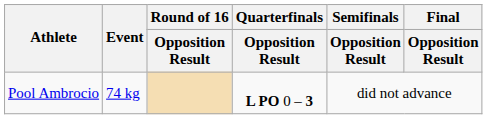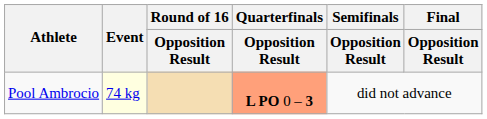 <table class="wikitable" border="1" style="font-size:90%">
 <tr>
 <th rowspan=2>Athlete</th>
 <th rowspan=2>Event</th>
 <th>Round of 16</th>
 <th>Quarterfinals</th>
 <th>Semifinals</th>
 <th>Final</th>
 </tr>
 <tr>
 <th>Opposition<br>Result</th>
 <th>Opposition<br>Result</th>
 <th>Opposition<br>Result</th>
 <th>Opposition<br>Result</th>
 </tr>
 <tr>
 <td><a href='#'>Pool Ambrocio</a></td>
-<td><a href='#'>74 kg</a></td>
+<td style="background: lightyellow;"><a href='#'>74 kg</a></td>
 <td bgcolor=wheat></td>
-<td align=center><br><strong>L PO</strong> 0 – <strong>3</strong></td>
+<td align=center style="background: lightsalmon;"><br><strong>L PO</strong> 0 – <strong>3</strong></td>
 <td align=center colspan="7">did not advance</td>
 </tr>
 </table>
